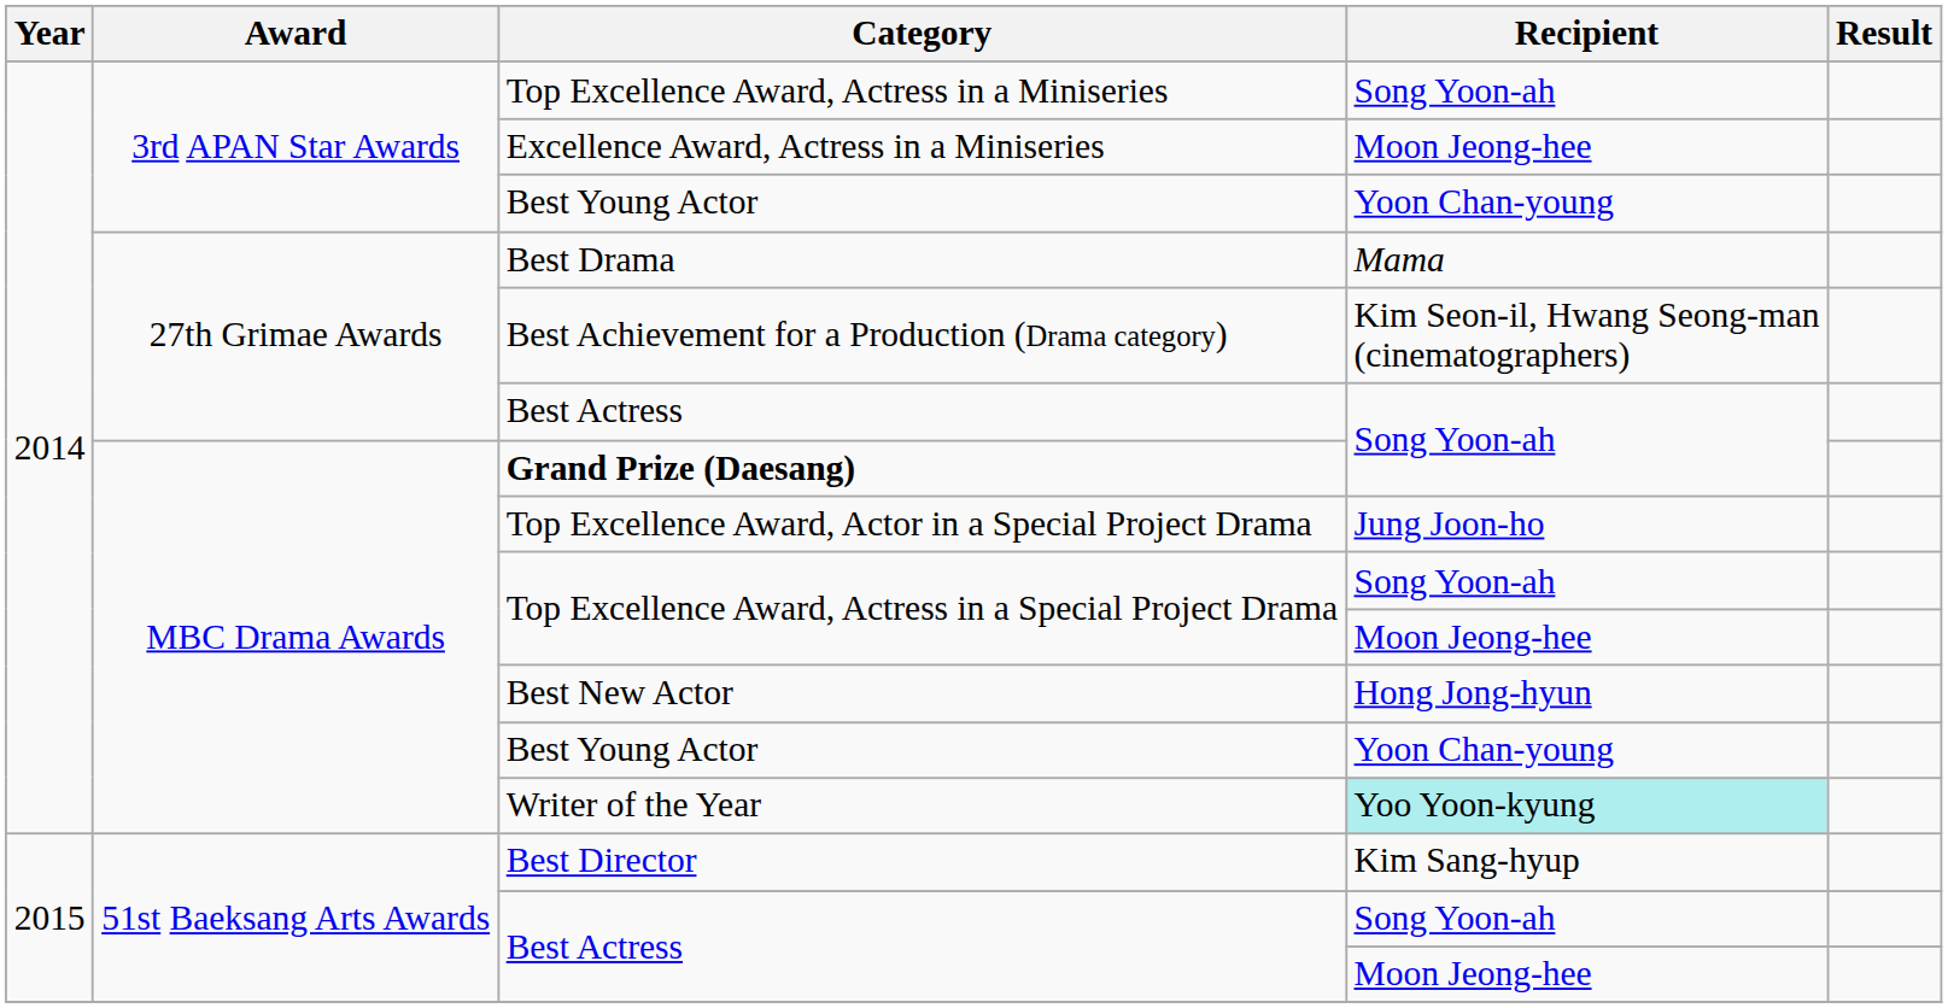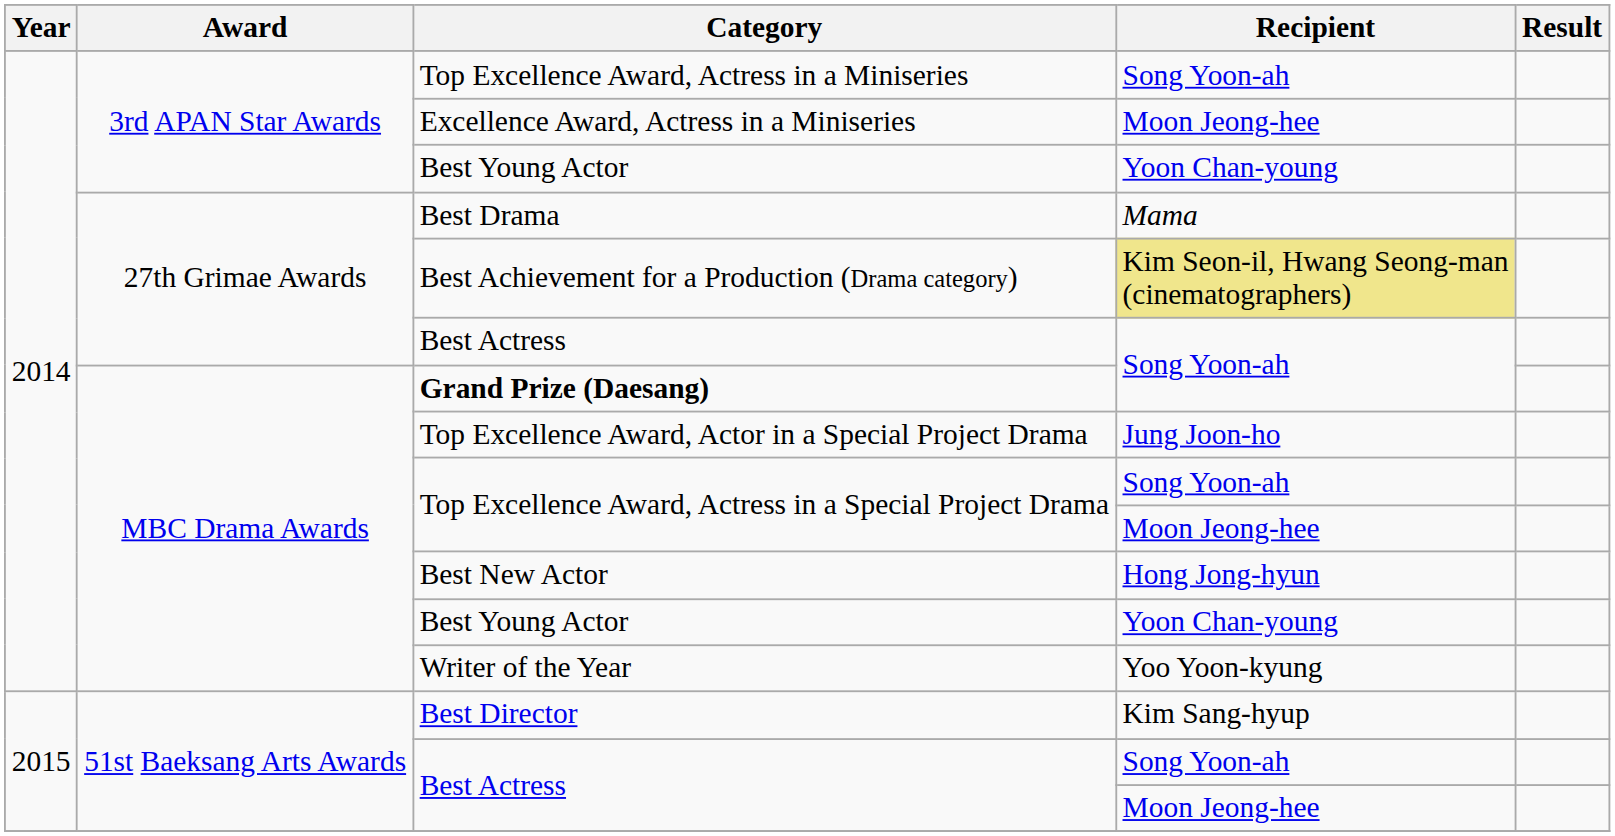 <table class="wikitable">
 <tr>
 <th>Year</th>
 <th>Award</th>
 <th>Category</th>
 <th>Recipient</th>
 <th>Result</th>
 </tr>
 <tr>
 <td rowspan=13>2014</td>
 <td rowspan=3 style="text-align:center;"><a href='#'>3rd</a> <a href='#'>APAN Star Awards</a></td>
 <td>Top Excellence Award, Actress in a Miniseries</td>
 <td><a href='#'>Song Yoon-ah</a></td>
 <td></td>
 </tr>
 <tr>
 <td>Excellence Award, Actress in a Miniseries</td>
 <td><a href='#'>Moon Jeong-hee</a></td>
 <td></td>
 </tr>
 <tr>
 <td>Best Young Actor</td>
 <td><a href='#'>Yoon Chan-young</a></td>
 <td></td>
 </tr>
 <tr>
 <td rowspan=3 style="text-align:center;">27th Grimae Awards</td>
 <td>Best Drama</td>
 <td><em>Mama</em></td>
 <td></td>
 </tr>
 <tr>
 <td>Best Achievement for a Production (<small>Drama category</small>)</td>
-<td>Kim Seon-il, Hwang Seong-man <br> (cinematographers)</td>
+<td style="background: khaki;">Kim Seon-il, Hwang Seong-man <br> (cinematographers)</td>
 <td></td>
 </tr>
 <tr>
 <td>Best Actress</td>
 <td rowspan=2><a href='#'>Song Yoon-ah</a></td>
 <td></td>
 </tr>
 <tr>
 <td rowspan=7 style="text-align:center;"><a href='#'>MBC Drama Awards</a></td>
 <td><strong>Grand Prize (Daesang)</strong></td>
 <td></td>
 </tr>
 <tr>
 <td>Top Excellence Award, Actor in a Special Project Drama</td>
 <td><a href='#'>Jung Joon-ho</a></td>
 <td></td>
 </tr>
 <tr>
 <td rowspan=2>Top Excellence Award, Actress in a Special Project Drama</td>
 <td><a href='#'>Song Yoon-ah</a></td>
 <td></td>
 </tr>
 <tr>
 <td><a href='#'>Moon Jeong-hee</a></td>
 <td></td>
 </tr>
 <tr>
 <td>Best New Actor</td>
 <td><a href='#'>Hong Jong-hyun</a></td>
 <td></td>
 </tr>
 <tr>
 <td>Best Young Actor</td>
 <td><a href='#'>Yoon Chan-young</a></td>
 <td></td>
 </tr>
 <tr>
 <td>Writer of the Year</td>
-<td style="background: paleturquoise;">Yoo Yoon-kyung</td>
+<td>Yoo Yoon-kyung</td>
 <td></td>
 </tr>
 <tr>
 <td rowspan=3>2015</td>
 <td rowspan=3 style="text-align:center;"><a href='#'>51st</a> <a href='#'>Baeksang Arts Awards</a></td>
 <td><a href='#'>Best Director</a></td>
 <td>Kim Sang-hyup</td>
 <td></td>
 </tr>
 <tr>
 <td rowspan=2><a href='#'>Best Actress</a></td>
 <td><a href='#'>Song Yoon-ah</a></td>
 <td></td>
 </tr>
 <tr>
 <td><a href='#'>Moon Jeong-hee</a></td>
 <td></td>
 </tr>
 <tr>
 </tr>
 </table>
